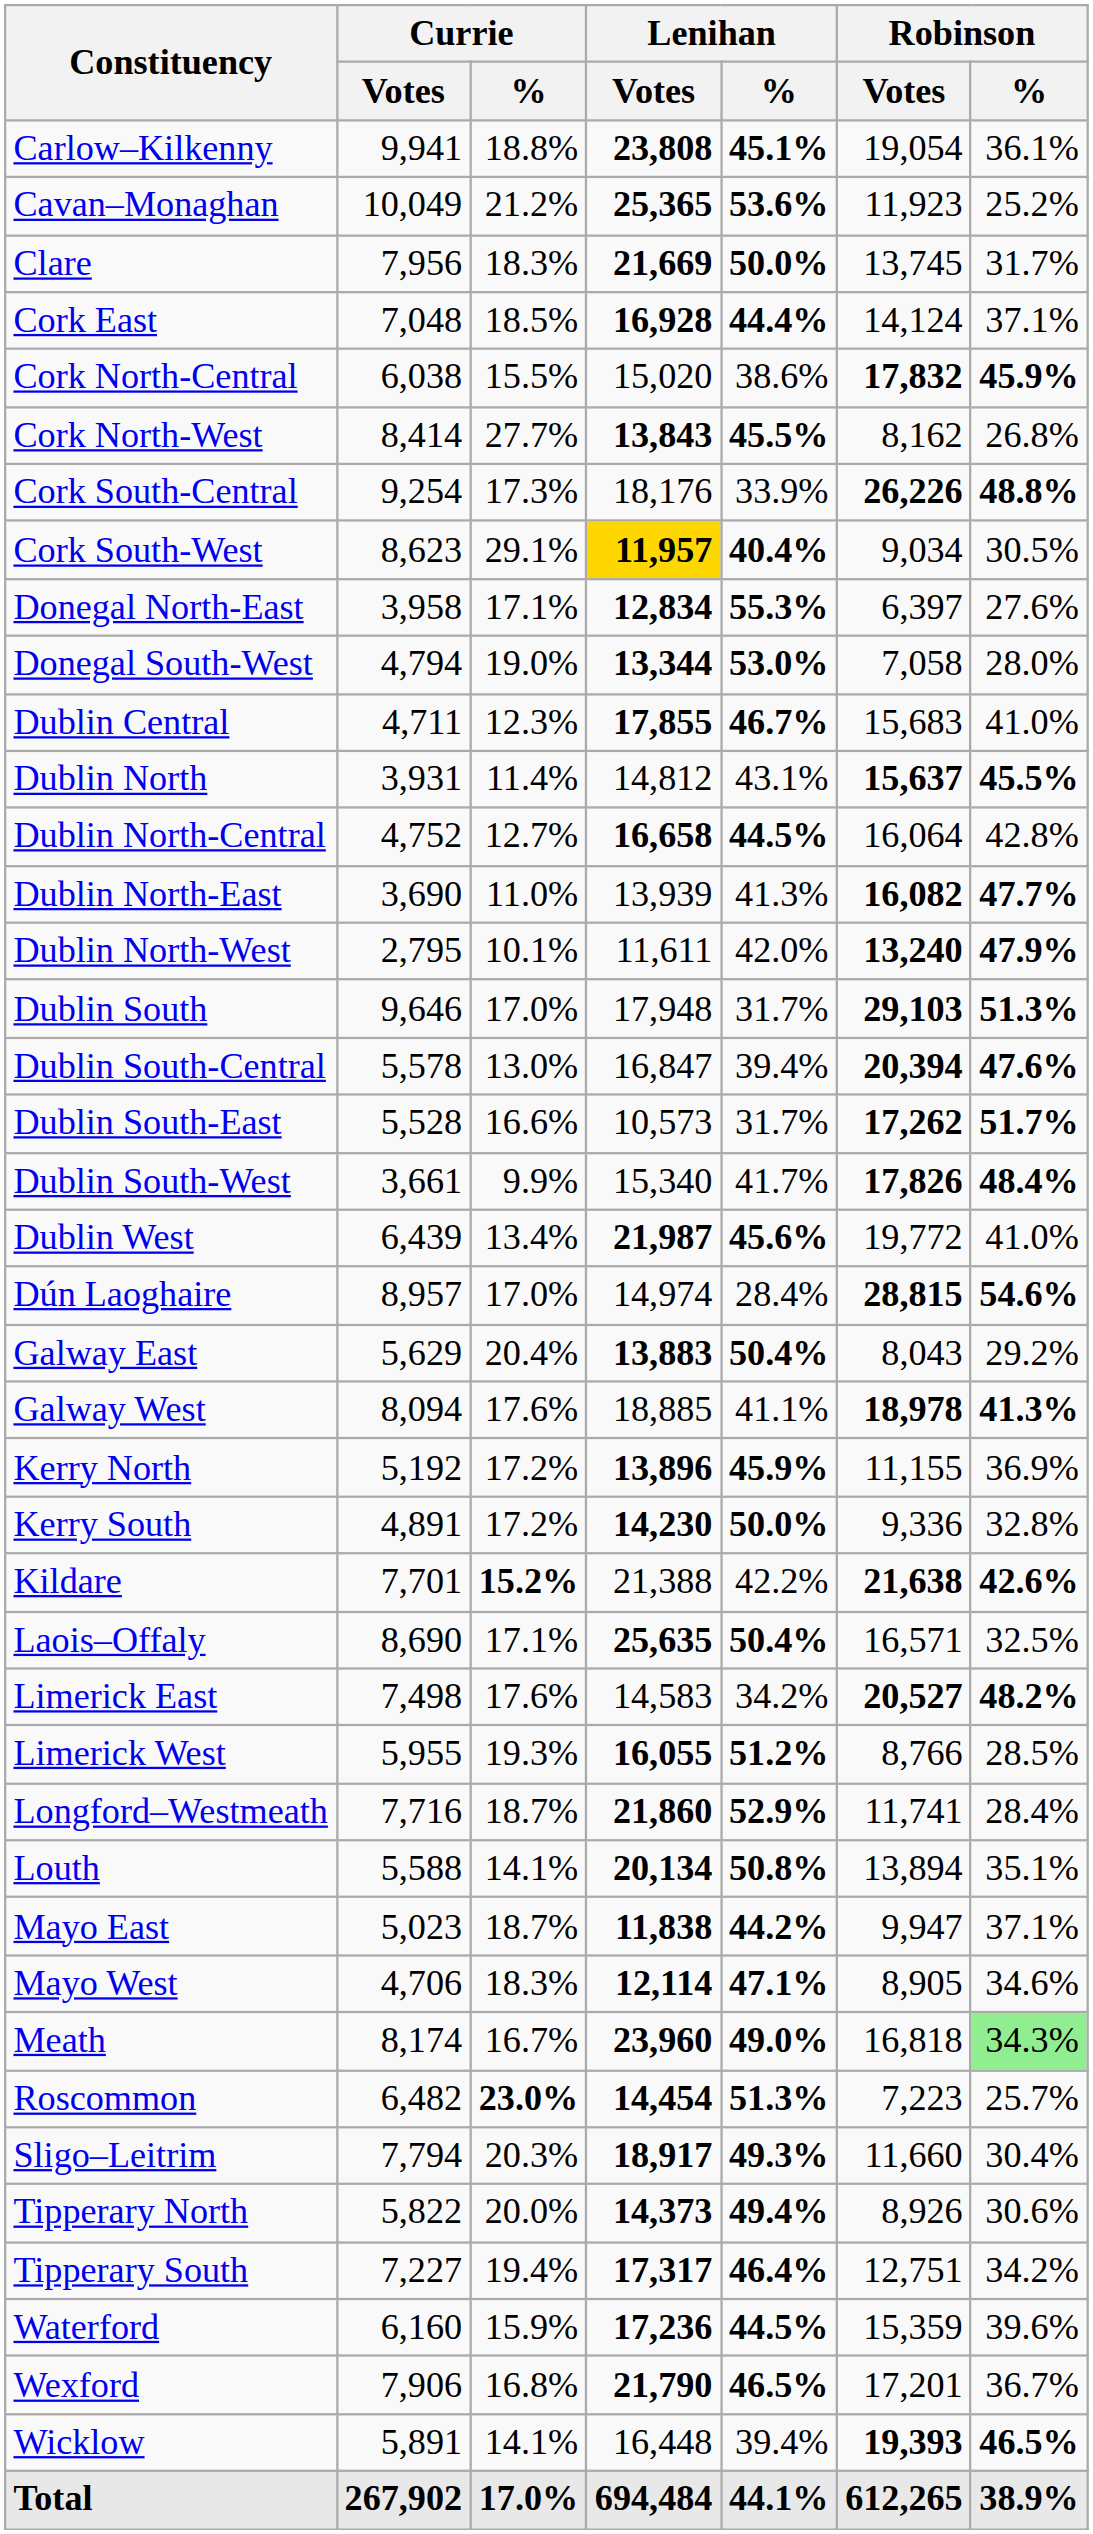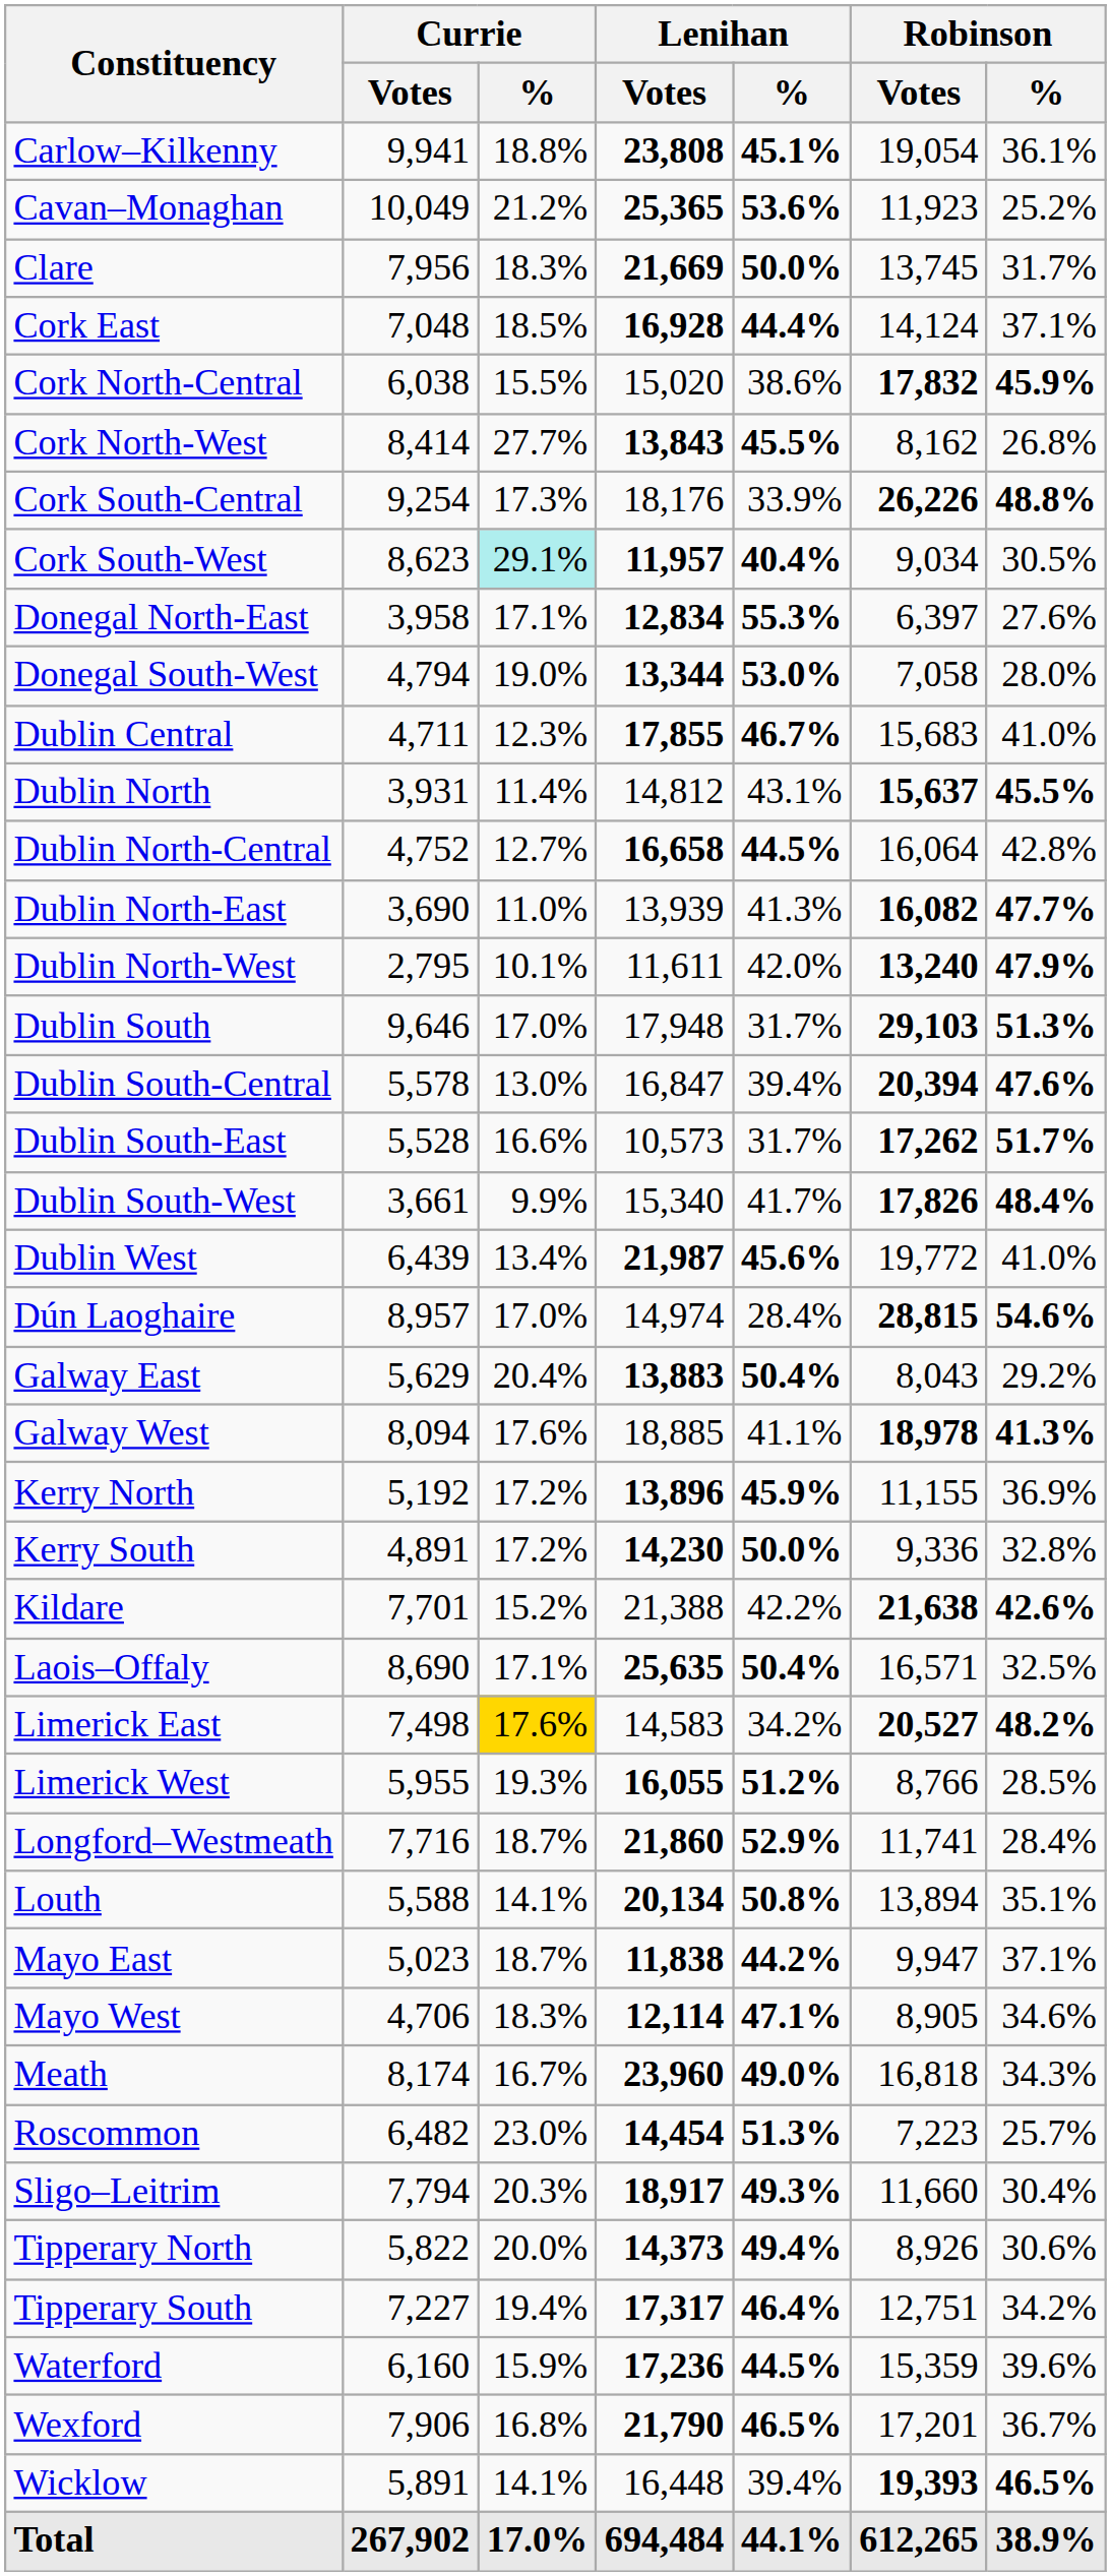 <table class="wikitable sortable">
 <tr>
 <th rowspan=2>Constituency</th>
 <th colspan=2>Currie</th>
 <th colspan=2>Lenihan</th>
 <th colspan=2>Robinson</th>
 </tr>
 <tr>
 <th>Votes</th>
 <th>%</th>
 <th>Votes</th>
 <th>%</th>
 <th>Votes</th>
 <th>%</th>
 </tr>
 <tr>
 <td><a href='#'>Carlow–Kilkenny</a></td>
 <td style="text-align: right;">9,941</td>
 <td style="text-align: right;">18.8%</td>
 <td style="text-align: right;"><strong>23,808</strong></td>
 <td style="text-align: right;"><strong>45.1%</strong></td>
 <td style="text-align: right;">19,054</td>
 <td style="text-align: right;">36.1%</td>
 </tr>
 <tr>
 <td><a href='#'>Cavan–Monaghan</a></td>
 <td style="text-align: right;">10,049</td>
 <td style="text-align: right;">21.2%</td>
 <td style="text-align: right;"><strong>25,365</strong></td>
 <td style="text-align: right;"><strong>53.6%</strong></td>
 <td style="text-align: right;">11,923</td>
 <td style="text-align: right;">25.2%</td>
 </tr>
 <tr>
 <td><a href='#'>Clare</a></td>
 <td style="text-align: right;">7,956</td>
 <td style="text-align: right;">18.3%</td>
 <td style="text-align: right;"><strong>21,669</strong></td>
 <td style="text-align: right;"><strong>50.0%</strong></td>
 <td style="text-align: right;">13,745</td>
 <td style="text-align: right;">31.7%</td>
 </tr>
 <tr>
 <td><a href='#'>Cork East</a></td>
 <td style="text-align: right;">7,048</td>
 <td style="text-align: right;">18.5%</td>
 <td style="text-align: right;"><strong>16,928</strong></td>
 <td style="text-align: right;"><strong>44.4%</strong></td>
 <td style="text-align: right;">14,124</td>
 <td style="text-align: right;">37.1%</td>
 </tr>
 <tr>
 <td><a href='#'>Cork North-Central</a></td>
 <td style="text-align: right;">6,038</td>
 <td style="text-align: right;">15.5%</td>
 <td style="text-align: right;">15,020</td>
 <td style="text-align: right;">38.6%</td>
 <td style="text-align: right;"><strong>17,832</strong></td>
 <td style="text-align: right;"><strong>45.9%</strong></td>
 </tr>
 <tr>
 <td><a href='#'>Cork North-West</a></td>
 <td style="text-align: right;">8,414</td>
 <td style="text-align: right;">27.7%</td>
 <td style="text-align: right;"><strong>13,843</strong></td>
 <td style="text-align: right;"><strong>45.5%</strong></td>
 <td style="text-align: right;">8,162</td>
 <td style="text-align: right;">26.8%</td>
 </tr>
 <tr>
 <td><a href='#'>Cork South-Central</a></td>
 <td style="text-align: right;">9,254</td>
 <td style="text-align: right;">17.3%</td>
 <td style="text-align: right;">18,176</td>
 <td style="text-align: right;">33.9%</td>
 <td style="text-align: right;"><strong>26,226</strong></td>
 <td style="text-align: right;"><strong>48.8%</strong></td>
 </tr>
 <tr>
 <td><a href='#'>Cork South-West</a></td>
 <td style="text-align: right;">8,623</td>
-<td style="text-align: right;">29.1%</td>
-<td style="background: gold; text-align: right;"><strong>11,957</strong></td>
+<td style="background: paleturquoise; text-align: right;">29.1%</td>
+<td style="text-align: right;"><strong>11,957</strong></td>
 <td style="text-align: right;"><strong>40.4%</strong></td>
 <td style="text-align: right;">9,034</td>
 <td style="text-align: right;">30.5%</td>
 </tr>
 <tr>
 <td><a href='#'>Donegal North-East</a></td>
 <td style="text-align: right;">3,958</td>
 <td style="text-align: right;">17.1%</td>
 <td style="text-align: right;"><strong>12,834</strong></td>
 <td style="text-align: right;"><strong>55.3%</strong></td>
 <td style="text-align: right;">6,397</td>
 <td style="text-align: right;">27.6%</td>
 </tr>
 <tr>
 <td><a href='#'>Donegal South-West</a></td>
 <td style="text-align: right;">4,794</td>
 <td style="text-align: right;">19.0%</td>
 <td style="text-align: right;"><strong>13,344</strong></td>
 <td style="text-align: right;"><strong>53.0%</strong></td>
 <td style="text-align: right;">7,058</td>
 <td style="text-align: right;">28.0%</td>
 </tr>
 <tr>
 <td><a href='#'>Dublin Central</a></td>
 <td style="text-align: right;">4,711</td>
 <td style="text-align: right;">12.3%</td>
 <td style="text-align: right;"><strong>17,855</strong></td>
 <td style="text-align: right;"><strong>46.7%</strong></td>
 <td style="text-align: right;">15,683</td>
 <td style="text-align: right;">41.0%</td>
 </tr>
 <tr>
 <td><a href='#'>Dublin North</a></td>
 <td style="text-align: right;">3,931</td>
 <td style="text-align: right;">11.4%</td>
 <td style="text-align: right;">14,812</td>
 <td style="text-align: right;">43.1%</td>
 <td style="text-align: right;"><strong>15,637</strong></td>
 <td style="text-align: right;"><strong>45.5%</strong></td>
 </tr>
 <tr>
 <td><a href='#'>Dublin North-Central</a></td>
 <td style="text-align: right;">4,752</td>
 <td style="text-align: right;">12.7%</td>
 <td style="text-align: right;"><strong>16,658</strong></td>
 <td style="text-align: right;"><strong>44.5%</strong></td>
 <td style="text-align: right;">16,064</td>
 <td style="text-align: right;">42.8%</td>
 </tr>
 <tr>
 <td><a href='#'>Dublin North-East</a></td>
 <td style="text-align: right;">3,690</td>
 <td style="text-align: right;">11.0%</td>
 <td style="text-align: right;">13,939</td>
 <td style="text-align: right;">41.3%</td>
 <td style="text-align: right;"><strong>16,082</strong></td>
 <td style="text-align: right;"><strong>47.7%</strong></td>
 </tr>
 <tr>
 <td><a href='#'>Dublin North-West</a></td>
 <td style="text-align: right;">2,795</td>
 <td style="text-align: right;">10.1%</td>
 <td style="text-align: right;">11,611</td>
 <td style="text-align: right;">42.0%</td>
 <td style="text-align: right;"><strong>13,240</strong></td>
 <td style="text-align: right;"><strong>47.9%</strong></td>
 </tr>
 <tr>
 <td><a href='#'>Dublin South</a></td>
 <td style="text-align: right;">9,646</td>
 <td style="text-align: right;">17.0%</td>
 <td style="text-align: right;">17,948</td>
 <td style="text-align: right;">31.7%</td>
 <td style="text-align: right;"><strong>29,103</strong></td>
 <td style="text-align: right;"><strong>51.3%</strong></td>
 </tr>
 <tr>
 <td><a href='#'>Dublin South-Central</a></td>
 <td style="text-align: right;">5,578</td>
 <td style="text-align: right;">13.0%</td>
 <td style="text-align: right;">16,847</td>
 <td style="text-align: right;">39.4%</td>
 <td style="text-align: right;"><strong>20,394</strong></td>
 <td style="text-align: right;"><strong>47.6%</strong></td>
 </tr>
 <tr>
 <td><a href='#'>Dublin South-East</a></td>
 <td style="text-align: right;">5,528</td>
 <td style="text-align: right;">16.6%</td>
 <td style="text-align: right;">10,573</td>
 <td style="text-align: right;">31.7%</td>
 <td style="text-align: right;"><strong>17,262</strong></td>
 <td style="text-align: right;"><strong>51.7%</strong></td>
 </tr>
 <tr>
 <td><a href='#'>Dublin South-West</a></td>
 <td style="text-align: right;">3,661</td>
 <td style="text-align: right;">9.9%</td>
 <td style="text-align: right;">15,340</td>
 <td style="text-align: right;">41.7%</td>
 <td style="text-align: right;"><strong>17,826</strong></td>
 <td style="text-align: right;"><strong>48.4%</strong></td>
 </tr>
 <tr>
 <td><a href='#'>Dublin West</a></td>
 <td style="text-align: right;">6,439</td>
 <td style="text-align: right;">13.4%</td>
 <td style="text-align: right;"><strong>21,987</strong></td>
 <td style="text-align: right;"><strong>45.6%</strong></td>
 <td style="text-align: right;">19,772</td>
 <td style="text-align: right;">41.0%</td>
 </tr>
 <tr>
 <td><a href='#'>Dún Laoghaire</a></td>
 <td style="text-align: right;">8,957</td>
 <td style="text-align: right;">17.0%</td>
 <td style="text-align: right;">14,974</td>
 <td style="text-align: right;">28.4%</td>
 <td style="text-align: right;"><strong>28,815</strong></td>
 <td style="text-align: right;"><strong>54.6%</strong></td>
 </tr>
 <tr>
 <td><a href='#'>Galway East</a></td>
 <td style="text-align: right;">5,629</td>
 <td style="text-align: right;">20.4%</td>
 <td style="text-align: right;"><strong>13,883</strong></td>
 <td style="text-align: right;"><strong>50.4%</strong></td>
 <td style="text-align: right;">8,043</td>
 <td style="text-align: right;">29.2%</td>
 </tr>
 <tr>
 <td><a href='#'>Galway West</a></td>
 <td style="text-align: right;">8,094</td>
 <td style="text-align: right;">17.6%</td>
 <td style="text-align: right;">18,885</td>
 <td style="text-align: right;">41.1%</td>
 <td style="text-align: right;"><strong>18,978</strong></td>
 <td style="text-align: right;"><strong>41.3%</strong></td>
 </tr>
 <tr>
 <td><a href='#'>Kerry North</a></td>
 <td style="text-align: right;">5,192</td>
 <td style="text-align: right;">17.2%</td>
 <td style="text-align: right;"><strong>13,896</strong></td>
 <td style="text-align: right;"><strong>45.9%</strong></td>
 <td style="text-align: right;">11,155</td>
 <td style="text-align: right;">36.9%</td>
 </tr>
 <tr>
 <td><a href='#'>Kerry South</a></td>
 <td style="text-align: right;">4,891</td>
 <td style="text-align: right;">17.2%</td>
 <td style="text-align: right;"><strong>14,230</strong></td>
 <td style="text-align: right;"><strong>50.0%</strong></td>
 <td style="text-align: right;">9,336</td>
 <td style="text-align: right;">32.8%</td>
 </tr>
 <tr>
 <td><a href='#'>Kildare</a></td>
 <td style="text-align: right;">7,701</td>
-<td style="text-align: right;"><strong>15.2%</strong></td>
+<td style="text-align: right;">15.2%</td>
 <td style="text-align: right;">21,388</td>
 <td style="text-align: right;">42.2%</td>
 <td style="text-align: right;"><strong>21,638</strong></td>
 <td style="text-align: right;"><strong>42.6%</strong></td>
 </tr>
 <tr>
 <td><a href='#'>Laois–Offaly</a></td>
 <td style="text-align: right;">8,690</td>
 <td style="text-align: right;">17.1%</td>
 <td style="text-align: right;"><strong>25,635</strong></td>
 <td style="text-align: right;"><strong>50.4%</strong></td>
 <td style="text-align: right;">16,571</td>
 <td style="text-align: right;">32.5%</td>
 </tr>
 <tr>
 <td><a href='#'>Limerick East</a></td>
 <td style="text-align: right;">7,498</td>
-<td style="text-align: right;">17.6%</td>
+<td style="background: gold; text-align: right;">17.6%</td>
 <td style="text-align: right;">14,583</td>
 <td style="text-align: right;">34.2%</td>
 <td style="text-align: right;"><strong>20,527</strong></td>
 <td style="text-align: right;"><strong>48.2%</strong></td>
 </tr>
 <tr>
 <td><a href='#'>Limerick West</a></td>
 <td style="text-align: right;">5,955</td>
 <td style="text-align: right;">19.3%</td>
 <td style="text-align: right;"><strong>16,055</strong></td>
 <td style="text-align: right;"><strong>51.2%</strong></td>
 <td style="text-align: right;">8,766</td>
 <td style="text-align: right;">28.5%</td>
 </tr>
 <tr>
 <td><a href='#'>Longford–Westmeath</a></td>
 <td style="text-align: right;">7,716</td>
 <td style="text-align: right;">18.7%</td>
 <td style="text-align: right;"><strong>21,860</strong></td>
 <td style="text-align: right;"><strong>52.9%</strong></td>
 <td style="text-align: right;">11,741</td>
 <td style="text-align: right;">28.4%</td>
 </tr>
 <tr>
 <td><a href='#'>Louth</a></td>
 <td style="text-align: right;">5,588</td>
 <td style="text-align: right;">14.1%</td>
 <td style="text-align: right;"><strong>20,134</strong></td>
 <td style="text-align: right;"><strong>50.8%</strong></td>
 <td style="text-align: right;">13,894</td>
 <td style="text-align: right;">35.1%</td>
 </tr>
 <tr>
 <td><a href='#'>Mayo East</a></td>
 <td style="text-align: right;">5,023</td>
 <td style="text-align: right;">18.7%</td>
 <td style="text-align: right;"><strong>11,838</strong></td>
 <td style="text-align: right;"><strong>44.2%</strong></td>
 <td style="text-align: right;">9,947</td>
 <td style="text-align: right;">37.1%</td>
 </tr>
 <tr>
 <td><a href='#'>Mayo West</a></td>
 <td style="text-align: right;">4,706</td>
 <td style="text-align: right;">18.3%</td>
 <td style="text-align: right;"><strong>12,114</strong></td>
 <td style="text-align: right;"><strong>47.1%</strong></td>
 <td style="text-align: right;">8,905</td>
 <td style="text-align: right;">34.6%</td>
 </tr>
 <tr>
 <td><a href='#'>Meath</a></td>
 <td style="text-align: right;">8,174</td>
 <td style="text-align: right;">16.7%</td>
 <td style="text-align: right;"><strong>23,960</strong></td>
 <td style="text-align: right;"><strong>49.0%</strong></td>
 <td style="text-align: right;">16,818</td>
-<td style="background: lightgreen; text-align: right;">34.3%</td>
+<td style="text-align: right;">34.3%</td>
 </tr>
 <tr>
 <td><a href='#'>Roscommon</a></td>
 <td style="text-align: right;">6,482</td>
-<td style="text-align: right;"><strong>23.0%</strong></td>
+<td style="text-align: right;">23.0%</td>
 <td style="text-align: right;"><strong>14,454</strong></td>
 <td style="text-align: right;"><strong>51.3%</strong></td>
 <td style="text-align: right;">7,223</td>
 <td style="text-align: right;">25.7%</td>
 </tr>
 <tr>
 <td><a href='#'>Sligo–Leitrim</a></td>
 <td style="text-align: right;">7,794</td>
 <td style="text-align: right;">20.3%</td>
 <td style="text-align: right;"><strong>18,917</strong></td>
 <td style="text-align: right;"><strong>49.3%</strong></td>
 <td style="text-align: right;">11,660</td>
 <td style="text-align: right;">30.4%</td>
 </tr>
 <tr>
 <td><a href='#'>Tipperary North</a></td>
 <td style="text-align: right;">5,822</td>
 <td style="text-align: right;">20.0%</td>
 <td style="text-align: right;"><strong>14,373</strong></td>
 <td style="text-align: right;"><strong>49.4%</strong></td>
 <td style="text-align: right;">8,926</td>
 <td style="text-align: right;">30.6%</td>
 </tr>
 <tr>
 <td><a href='#'>Tipperary South</a></td>
 <td style="text-align: right;">7,227</td>
 <td style="text-align: right;">19.4%</td>
 <td style="text-align: right;"><strong>17,317</strong></td>
 <td style="text-align: right;"><strong>46.4%</strong></td>
 <td style="text-align: right;">12,751</td>
 <td style="text-align: right;">34.2%</td>
 </tr>
 <tr>
 <td><a href='#'>Waterford</a></td>
 <td style="text-align: right;">6,160</td>
 <td style="text-align: right;">15.9%</td>
 <td style="text-align: right;"><strong>17,236</strong></td>
 <td style="text-align: right;"><strong>44.5%</strong></td>
 <td style="text-align: right;">15,359</td>
 <td style="text-align: right;">39.6%</td>
 </tr>
 <tr>
 <td><a href='#'>Wexford</a></td>
 <td style="text-align: right;">7,906</td>
 <td style="text-align: right;">16.8%</td>
 <td style="text-align: right;"><strong>21,790</strong></td>
 <td style="text-align: right;"><strong>46.5%</strong></td>
 <td style="text-align: right;">17,201</td>
 <td style="text-align: right;">36.7%</td>
 </tr>
 <tr>
 <td><a href='#'>Wicklow</a></td>
 <td style="text-align: right;">5,891</td>
 <td style="text-align: right;">14.1%</td>
 <td style="text-align: right;">16,448</td>
 <td style="text-align: right;">39.4%</td>
 <td style="text-align: right;"><strong>19,393</strong></td>
 <td style="text-align: right;"><strong>46.5%</strong></td>
 </tr>
 <tr class="sortbottom" style="font-weight:bold; background:rgb(232,232,232);">
 <td>Total</td>
 <td style="text-align: right;">267,902</td>
 <td style="text-align: right;">17.0%</td>
 <td style="text-align: right;">694,484</td>
 <td style="text-align: right;">44.1%</td>
 <td style="text-align: right;">612,265</td>
 <td style="text-align: right;">38.9%</td>
 </tr>
 </table>
